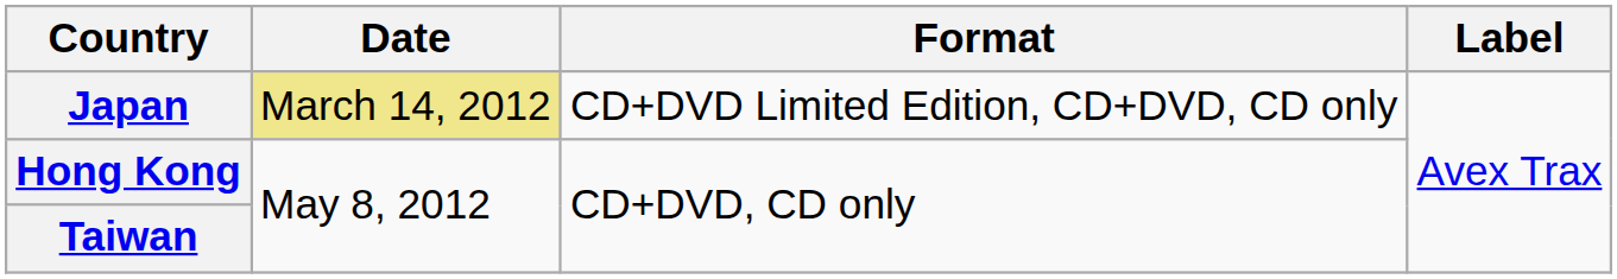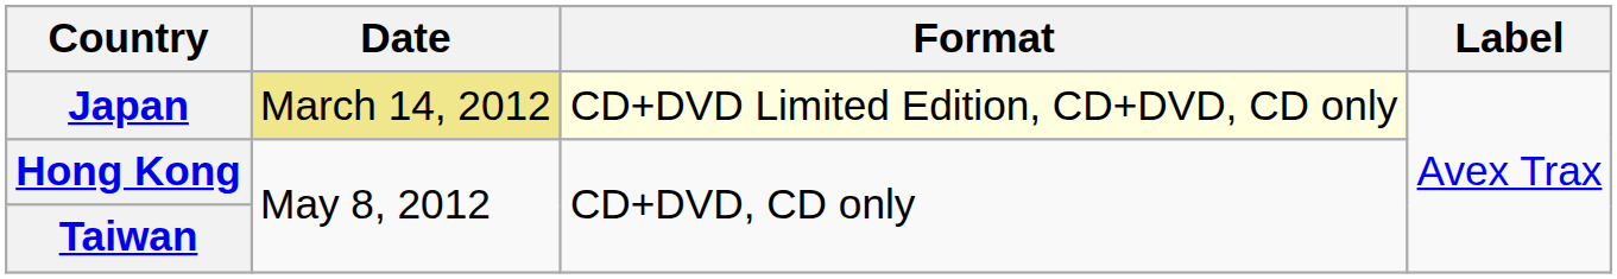 <table class="wikitable plainrowheaders">
 <tr>
 <th scope="col">Country</th>
 <th>Date</th>
 <th>Format</th>
 <th>Label</th>
 </tr>
 <tr>
 <th scope="row" rowspan="1"><a href='#'>Japan</a></th>
 <td style="background: khaki;">March 14, 2012</td>
-<td>CD+DVD Limited Edition, CD+DVD, CD only</td>
+<td style="background: lightyellow;">CD+DVD Limited Edition, CD+DVD, CD only</td>
 <td rowspan="3"><a href='#'>Avex Trax</a></td>
 </tr>
 <tr>
 <th scope="row" rowspan="1"><a href='#'>Hong Kong</a></th>
 <td rowspan="2">May 8, 2012</td>
 <td rowspan="2">CD+DVD, CD only</td>
 </tr>
 <tr>
 <th scope="row" rowspan="1"><a href='#'>Taiwan</a></th>
 </tr>
 </table>
